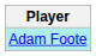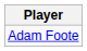 <table class="wikitable">
 <tr>
 <th>Player</th>
 </tr>
 <tr>
-<td style="background: paleturquoise;"><a href='#'>Adam Foote</a></td>
+<td><a href='#'>Adam Foote</a></td>
 </tr>
 </table>
